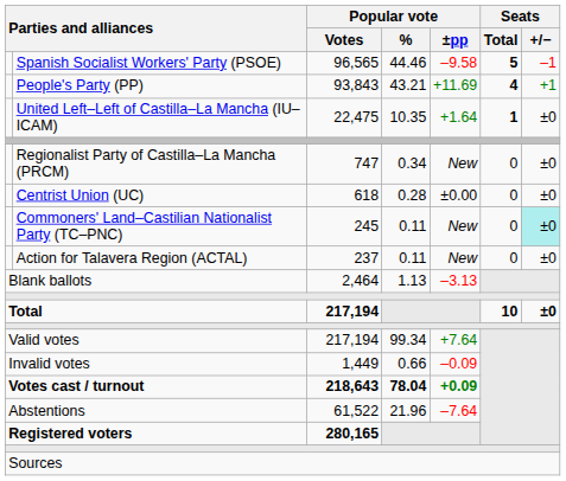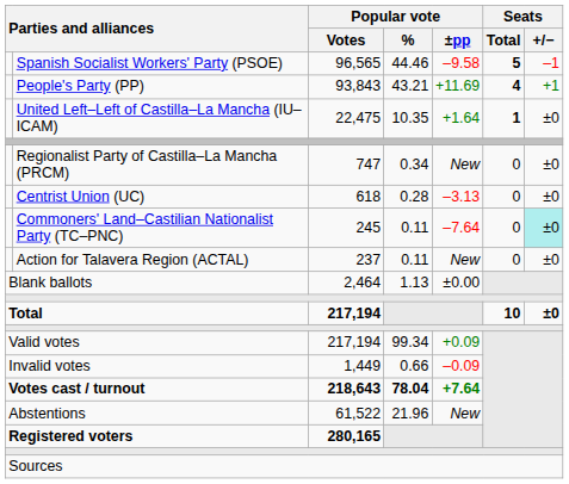 <table class="wikitable" style="text-align:right;">
 <tr>
 <th style="text-align:left;" rowspan="2" colspan="2" width="525">Parties and alliances</th>
 <th colspan="3">Popular vote</th>
 <th colspan="2">Seats</th>
 </tr>
 <tr>
 <th width="75">Votes</th>
 <th width="45">%</th>
 <th width="45">±<a href='#'>pp</a></th>
 <th width="35">Total</th>
 <th width="35">+/−</th>
 </tr>
 <tr>
 <td width="1" style="color:inherit;background:"></td>
 <td align="left"><a href='#'>Spanish Socialist Workers' Party</a> (PSOE)</td>
 <td>96,565</td>
 <td>44.46</td>
 <td style="color:red;">–9.58</td>
 <td><strong>5</strong></td>
 <td style="color:red;">–1</td>
 </tr>
 <tr>
 <td style="color:inherit;background:"></td>
 <td align="left"><a href='#'>People's Party</a> (PP)</td>
 <td>93,843</td>
 <td>43.21</td>
 <td style="color:green;">+11.69</td>
 <td><strong>4</strong></td>
 <td style="color:green;">+1</td>
 </tr>
 <tr>
 <td style="color:inherit;background:"></td>
 <td align="left"><a href='#'>United Left–Left of Castilla–La Mancha</a> (IU–ICAM)</td>
 <td>22,475</td>
 <td>10.35</td>
 <td style="color:green;">+1.64</td>
 <td><strong>1</strong></td>
 <td>±0</td>
 </tr>
 <tr>
 <td colspan="7" bgcolor="#C0C0C0"></td>
 </tr>
 <tr>
 <td style="color:inherit;background:"></td>
 <td align="left">Regionalist Party of Castilla–La Mancha (PRCM)</td>
 <td>747</td>
 <td>0.34</td>
 <td><em>New</em></td>
 <td>0</td>
 <td>±0</td>
 </tr>
 <tr>
 <td style="color:inherit;background:"></td>
 <td align="left"><a href='#'>Centrist Union</a> (UC)</td>
 <td>618</td>
 <td>0.28</td>
-<td>±0.00</td>
+<td style="color:red;">–3.13</td>
 <td>0</td>
 <td>±0</td>
 </tr>
 <tr>
 <td style="color:inherit;background:"></td>
 <td align="left"><a href='#'>Commoners' Land–Castilian Nationalist Party</a> (TC–PNC)</td>
 <td>245</td>
 <td>0.11</td>
-<td><em>New</em></td>
+<td style="color:red;">–7.64</td>
 <td>0</td>
 <td style="background: paleturquoise;">±0</td>
 </tr>
 <tr>
 <td style="color:inherit;background:"></td>
 <td align="left">Action for Talavera Region (ACTAL)</td>
 <td>237</td>
 <td>0.11</td>
 <td><em>New</em></td>
 <td>0</td>
 <td>±0</td>
 </tr>
 <tr>
 <td align="left" colspan="2">Blank ballots</td>
 <td>2,464</td>
 <td>1.13</td>
-<td style="color:red;">–3.13</td>
+<td>±0.00</td>
 <td bgcolor="#E9E9E9" colspan="2"></td>
 </tr>
 <tr>
 <td colspan="7" bgcolor="#E9E9E9"></td>
 </tr>
 <tr style="font-weight:bold;">
 <td align="left" colspan="2">Total</td>
 <td>217,194</td>
 <td bgcolor="#E9E9E9" colspan="2"></td>
 <td>10</td>
 <td>±0</td>
 </tr>
 <tr>
 <td colspan="7" bgcolor="#E9E9E9"></td>
 </tr>
 <tr>
 <td align="left" colspan="2">Valid votes</td>
 <td>217,194</td>
 <td>99.34</td>
-<td style="color:green;">+7.64</td>
+<td style="color:green;">+0.09</td>
 <td bgcolor="#E9E9E9" colspan="2" rowspan="5"></td>
 </tr>
 <tr>
 <td align="left" colspan="2">Invalid votes</td>
 <td>1,449</td>
 <td>0.66</td>
 <td style="color:red;">–0.09</td>
 </tr>
 <tr style="font-weight:bold;">
 <td align="left" colspan="2">Votes cast / turnout</td>
 <td>218,643</td>
 <td>78.04</td>
-<td style="color:green;">+0.09</td>
+<td style="color:green;">+7.64</td>
 </tr>
 <tr>
 <td align="left" colspan="2">Abstentions</td>
 <td>61,522</td>
 <td>21.96</td>
-<td style="color:red;">–7.64</td>
+<td><em>New</em></td>
 </tr>
 <tr style="font-weight:bold;">
 <td align="left" colspan="2">Registered voters</td>
 <td>280,165</td>
 <td bgcolor="#E9E9E9" colspan="2"></td>
 </tr>
 <tr>
 <td colspan="7" bgcolor="#E9E9E9"></td>
 </tr>
 <tr>
 <td align="left" colspan="7">Sources</td>
 </tr>
 </table>
